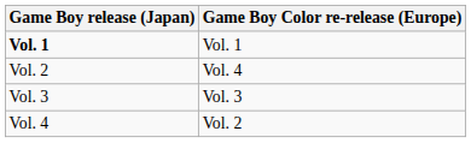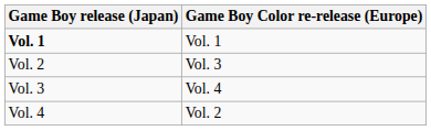 <table class="wikitable">
 <tr>
 <th>Game Boy release (Japan)</th>
 <th>Game Boy Color re-release (Europe)</th>
 </tr>
 <tr>
 <td><strong>Vol. 1</strong></td>
 <td>Vol. 1</td>
 </tr>
 <tr>
 <td>Vol. 2</td>
-<td>Vol. 4</td>
+<td>Vol. 3</td>
 </tr>
 <tr>
 <td>Vol. 3</td>
-<td>Vol. 3</td>
+<td>Vol. 4</td>
 </tr>
 <tr>
 <td>Vol. 4</td>
 <td>Vol. 2</td>
 </tr>
 </table>
